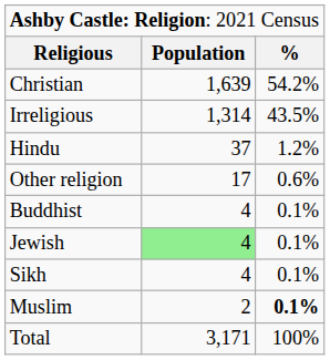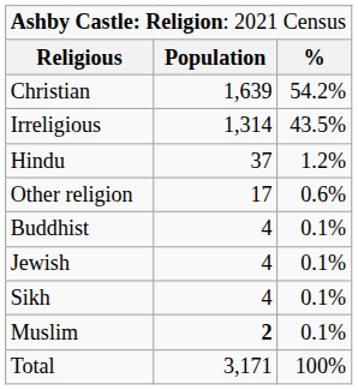 <table class="wikitable">
 <tr>
 <td colspan="14" style="text-align:right;"><strong>Ashby Castle: Religion</strong>: 2021 Census</td>
 </tr>
 <tr>
 <th>Religious</th>
 <th>Population</th>
 <th>%</th>
 </tr>
 <tr>
 <td>Christian</td>
 <td style="text-align:right;">1,639</td>
 <td style="text-align:right;">54.2%</td>
 </tr>
 <tr>
 <td>Irreligious</td>
 <td style="text-align:right;">1,314</td>
 <td style="text-align:right;">43.5%</td>
 </tr>
 <tr>
 <td>Hindu</td>
 <td style="text-align:right;">37</td>
 <td style="text-align:right;">1.2%</td>
 </tr>
 <tr>
 <td>Other religion</td>
 <td style="text-align:right;">17</td>
 <td style="text-align:right;">0.6%</td>
 </tr>
 <tr>
 <td>Buddhist</td>
 <td style="text-align:right;">4</td>
 <td style="text-align:right;">0.1%</td>
 </tr>
 <tr>
 <td>Jewish</td>
-<td style="background: lightgreen; text-align:right;">4</td>
+<td style="text-align:right;">4</td>
 <td style="text-align:right;">0.1%</td>
 </tr>
 <tr>
 <td>Sikh</td>
 <td style="text-align:right;">4</td>
 <td style="text-align:right;">0.1%</td>
 </tr>
 <tr>
 <td>Muslim</td>
-<td style="text-align:right;">2</td>
-<td style="text-align:right;"><strong>0.1%</strong></td>
+<td style="text-align:right;"><strong>2</strong></td>
+<td style="text-align:right;">0.1%</td>
 </tr>
 <tr>
 <td>Total</td>
 <td style="text-align:right;">3,171</td>
 <td style="text-align:right;">100%</td>
 </tr>
 </table>
